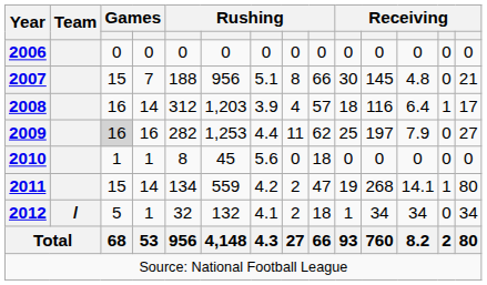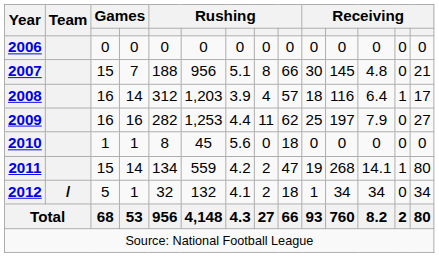 <table class="wikitable" style="text-align: center;">
 <tr>
 <th rowspan=2>Year</th>
 <th rowspan=2>Team</th>
 <th colspan=2>Games</th>
 <th colspan=5>Rushing</th>
 <th colspan=5>Receiving</th>
 </tr>
 <tr>
 <th></th>
 <th></th>
 <th></th>
 <th></th>
 <th></th>
 <th></th>
 <th></th>
 <th></th>
 <th></th>
 <th></th>
 <th></th>
 <th></th>
 </tr>
 <tr>
 <th><a href='#'>2006</a></th>
 <th><a href='#'></a></th>
 <td>0</td>
 <td>0</td>
 <td>0</td>
 <td>0</td>
 <td>0</td>
 <td>0</td>
 <td>0</td>
 <td>0</td>
 <td>0</td>
 <td>0</td>
 <td>0</td>
 <td>0</td>
 </tr>
 <tr>
 <th><a href='#'>2007</a></th>
 <th><a href='#'></a></th>
 <td>15</td>
 <td>7</td>
 <td>188</td>
 <td>956</td>
 <td>5.1</td>
 <td>8</td>
 <td>66</td>
 <td>30</td>
 <td>145</td>
 <td>4.8</td>
 <td>0</td>
 <td>21</td>
 </tr>
 <tr>
 <th><a href='#'>2008</a></th>
 <th><a href='#'></a></th>
 <td>16</td>
 <td>14</td>
 <td>312</td>
 <td>1,203</td>
 <td>3.9</td>
 <td>4</td>
 <td>57</td>
 <td>18</td>
 <td>116</td>
 <td>6.4</td>
 <td>1</td>
 <td>17</td>
 </tr>
 <tr>
 <th><a href='#'>2009</a></th>
 <th><a href='#'></a></th>
-<td style="background: lightgrey;">16</td>
+<td>16</td>
 <td>16</td>
 <td>282</td>
 <td>1,253</td>
 <td>4.4</td>
 <td>11</td>
 <td>62</td>
 <td>25</td>
 <td>197</td>
 <td>7.9</td>
 <td>0</td>
 <td>27</td>
 </tr>
 <tr>
 <th><a href='#'>2010</a></th>
 <th><a href='#'></a></th>
 <td>1</td>
 <td>1</td>
 <td>8</td>
 <td>45</td>
 <td>5.6</td>
 <td>0</td>
 <td>18</td>
 <td>0</td>
 <td>0</td>
 <td>0</td>
 <td>0</td>
 <td>0</td>
 </tr>
 <tr>
 <th><a href='#'>2011</a></th>
 <th><a href='#'></a></th>
 <td>15</td>
 <td>14</td>
 <td>134</td>
 <td>559</td>
 <td>4.2</td>
 <td>2</td>
 <td>47</td>
 <td>19</td>
 <td>268</td>
 <td>14.1</td>
 <td>1</td>
 <td>80</td>
 </tr>
 <tr>
 <th><a href='#'>2012</a></th>
 <th><a href='#'></a>/<a href='#'></a></th>
 <td>5</td>
 <td>1</td>
 <td>32</td>
 <td>132</td>
 <td>4.1</td>
 <td>2</td>
 <td>18</td>
 <td>1</td>
 <td>34</td>
 <td>34</td>
 <td>0</td>
 <td>34</td>
 </tr>
 <tr>
 <th colspan=2>Total</th>
 <th>68</th>
 <th>53</th>
 <th>956</th>
 <th>4,148</th>
 <th>4.3</th>
 <th>27</th>
 <th>66</th>
 <th>93</th>
 <th>760</th>
 <th>8.2</th>
 <th>2</th>
 <th>80</th>
 </tr>
 <tr>
 <td colspan=14><small>Source: National Football League</small></td>
 </tr>
 </table>
